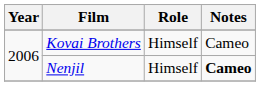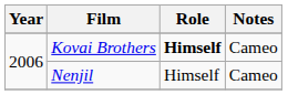 <table class="wikitable" style="font-size: 95%;">
 <tr>
 <th>Year</th>
 <th>Film</th>
 <th>Role</th>
 <th>Notes</th>
 </tr>
 <tr align="left">
 </tr>
 <tr>
 <td rowspan="2">2006</td>
 <td><em><a href='#'>Kovai Brothers</a></em></td>
-<td>Himself</td>
+<td><strong>Himself</strong></td>
 <td>Cameo</td>
 </tr>
 <tr>
 <td><em><a href='#'>Nenjil</a></em></td>
 <td>Himself</td>
-<td><strong>Cameo</strong></td>
+<td>Cameo</td>
 </tr>
 <tr>
 </tr>
 </table>
